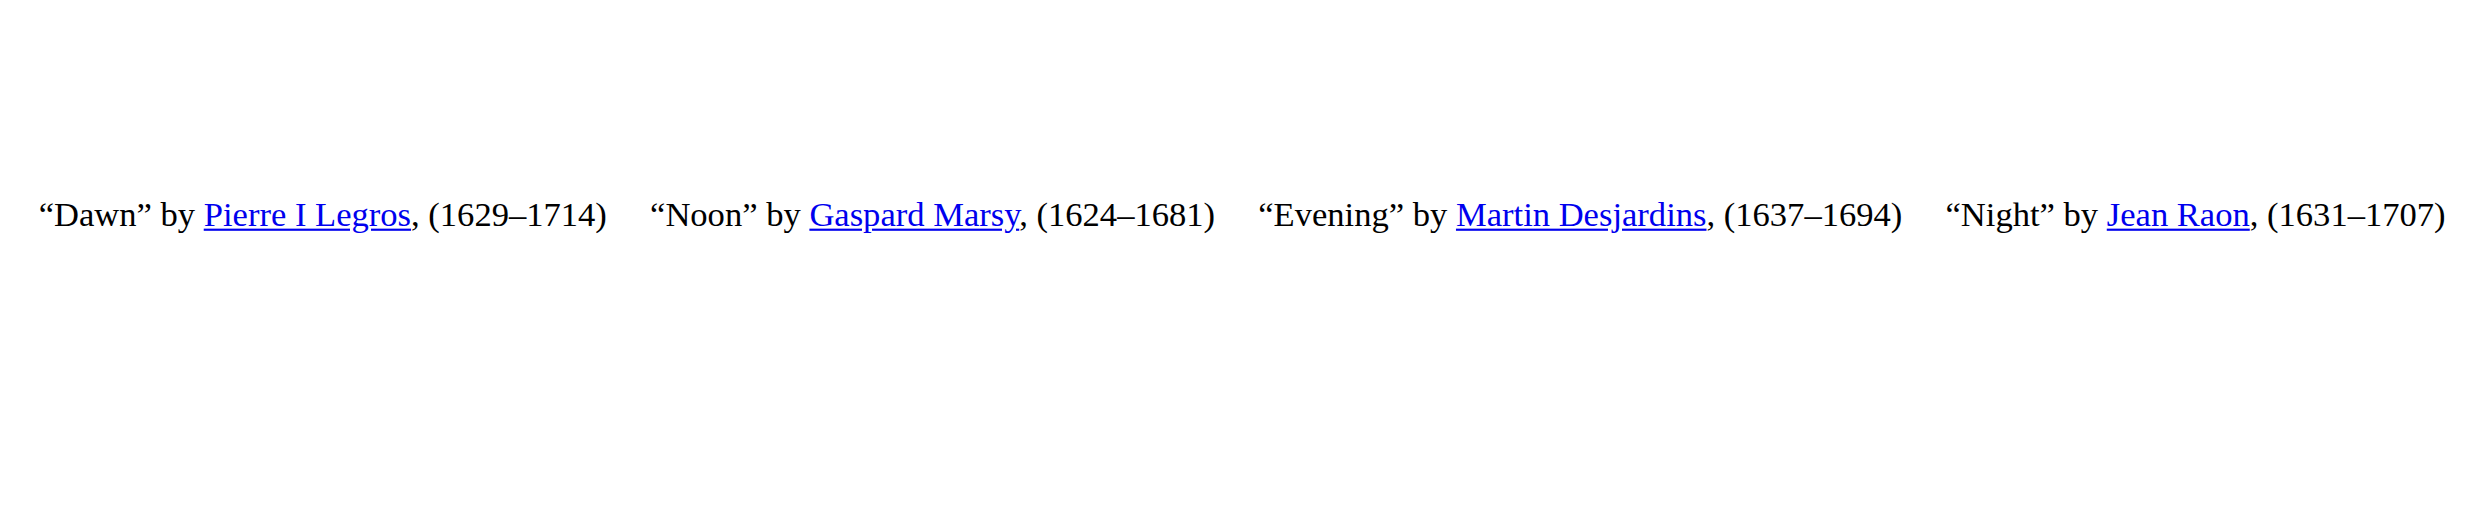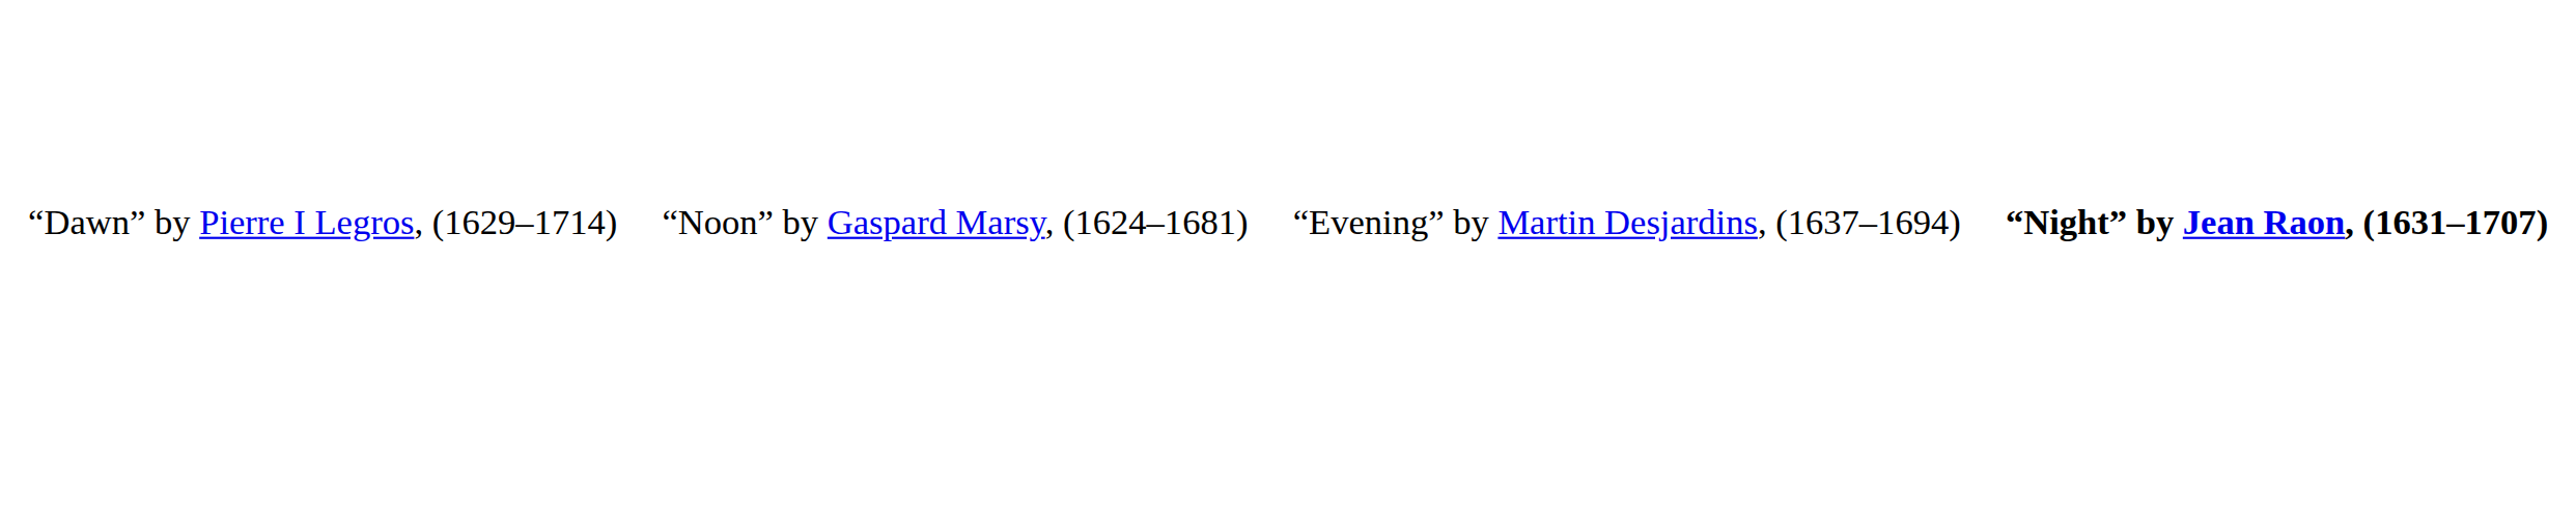 <table style="background:white; color:black" border="0" height="230" align="center" valign="bottom" cellpadding=10px cellspacing=0px>
 <tr align="center">
 <td></td>
 <td></td>
 <td></td>
 <td></td>
 </tr>
 <tr align="center" valign="top">
 <td width=“200”>“Dawn” by <a href='#'>Pierre I Legros</a>, (1629–1714)</td>
 <td width=“200”>“Noon” by <a href='#'>Gaspard Marsy</a>, (1624–1681)</td>
 <td width=“200”>“Evening” by <a href='#'>Martin Desjardins</a>, (1637–1694)</td>
-<td width=“200”>“Night” by <a href='#'>Jean Raon</a>, (1631–1707)</td>
+<td width=“200”><strong>“Night” by <a href='#'>Jean Raon</a>, (1631–1707)</strong></td>
 </tr>
 </table>
